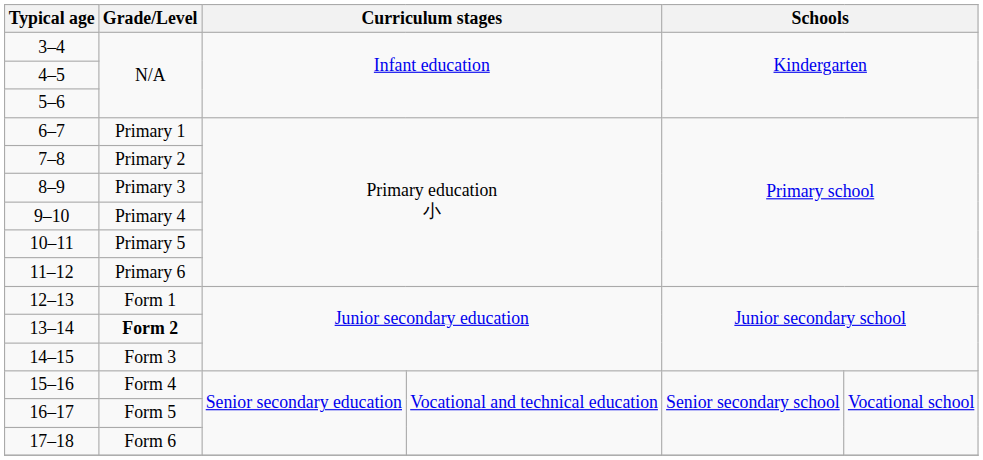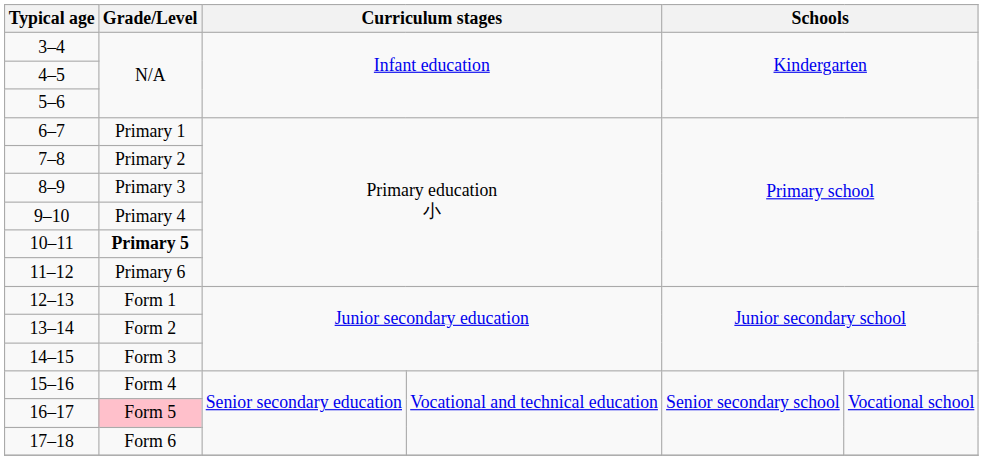 <table class="wikitable" style="text-align:center">
 <tr>
 <th>Typical age</th>
 <th>Grade/Level</th>
 <th colspan=2>Curriculum stages</th>
 <th colspan=2>Schools</th>
 </tr>
 <tr>
 <td>3–4</td>
 <td rowspan=3>N/A</td>
 <td colspan=2 rowspan=3><a href='#'>Infant education</a><br><br></td>
 <td colspan="2" rowspan="3"><a href='#'>Kindergarten</a><br><br></td>
 </tr>
 <tr>
 <td>4–5</td>
 </tr>
 <tr>
 <td>5–6</td>
 </tr>
 <tr>
 <td>6–7</td>
 <td>Primary 1</td>
 <td colspan=2 rowspan=6>Primary education<br>小<br></td>
 <td colspan="2" rowspan="6"><a href='#'>Primary school</a><br><br></td>
 </tr>
 <tr>
 <td>7–8</td>
 <td>Primary 2</td>
 </tr>
 <tr>
 <td>8–9</td>
 <td>Primary 3</td>
 </tr>
 <tr>
 <td>9–10</td>
 <td>Primary 4</td>
 </tr>
 <tr>
 <td>10–11</td>
-<td>Primary 5</td>
+<td><strong>Primary 5</strong></td>
 </tr>
 <tr>
 <td>11–12</td>
 <td>Primary 6</td>
 </tr>
 <tr>
 <td>12–13</td>
 <td>Form 1</td>
 <td colspan=2 rowspan=3><a href='#'>Junior secondary education</a><br><br></td>
 <td colspan="2" rowspan="3"><a href='#'>Junior secondary school</a><br><br></td>
 </tr>
 <tr>
 <td>13–14</td>
-<td><strong>Form 2</strong></td>
+<td>Form 2</td>
 </tr>
 <tr>
 <td>14–15</td>
 <td>Form 3</td>
 </tr>
 <tr>
 <td>15–16</td>
 <td>Form 4</td>
 <td rowspan=3><a href='#'>Senior secondary education</a><br><br></td>
 <td rowspan="3"><a href='#'>Vocational and technical education</a><br><br></td>
 <td rowspan="3"><a href='#'>Senior secondary school</a><br><br></td>
 <td rowspan=3><a href='#'>Vocational school</a><br><br></td>
 </tr>
 <tr>
 <td>16–17</td>
-<td>Form 5</td>
+<td style="background: pink;">Form 5</td>
 </tr>
 <tr>
 <td>17–18</td>
 <td>Form 6</td>
 </tr>
 <tr>
 </tr>
 </table>
